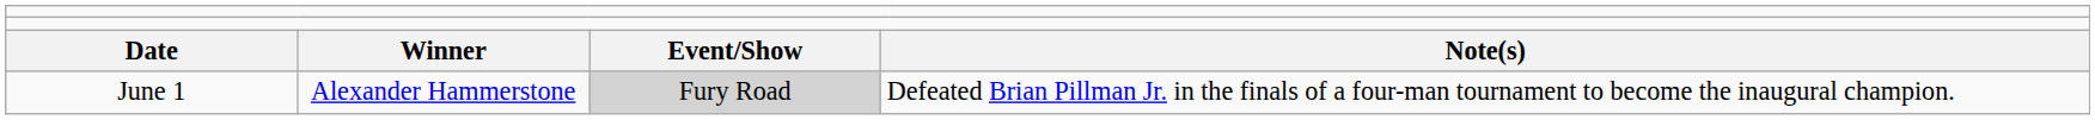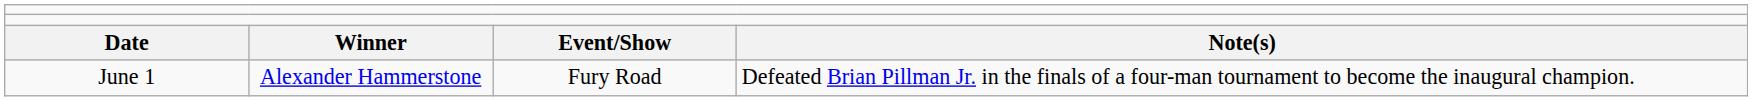 <table class="wikitable" style="text-align:center; width:100%;">
 <tr>
 <td colspan="4"></td>
 </tr>
 <tr>
 <td colspan="4"><strong></strong></td>
 </tr>
 <tr>
 <th width=14%>Date</th>
 <th width=14%>Winner</th>
 <th width=14%>Event/Show</th>
 <th width=58%>Note(s)</th>
 </tr>
 <tr>
 <td>June 1</td>
 <td><a href='#'>Alexander Hammerstone</a></td>
-<td style="background: lightgrey;">Fury Road</td>
+<td>Fury Road</td>
 <td align=left>Defeated <a href='#'>Brian Pillman Jr.</a> in the finals of a four-man tournament to become the inaugural champion.</td>
 </tr>
 </table>
